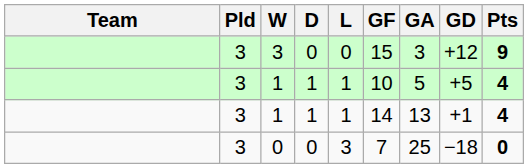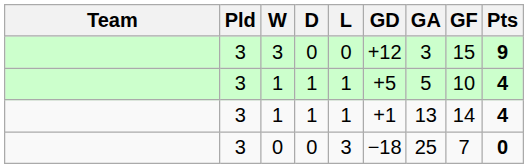 <table class="wikitable" style="text-align:center;">
 <tr>
 <th width=165>Team</th>
 <th width=20>Pld</th>
 <th width=20>W</th>
 <th width=20>D</th>
 <th width=20>L</th>
+<th width=20>GD</th>
+<th width=20>GA</th>
 <th width=20>GF</th>
-<th width=20>GA</th>
-<th width=20>GD</th>
 <th width=20>Pts</th>
 </tr>
 <tr style="background:#cfc;">
 <td style="text-align:left;"></td>
 <td>3</td>
 <td>3</td>
 <td>0</td>
 <td>0</td>
+<td>+12</td>
+<td>3</td>
 <td>15</td>
-<td>3</td>
-<td>+12</td>
 <td><strong>9</strong></td>
 </tr>
 <tr style="background:#cfc;">
 <td style="text-align:left;"></td>
 <td>3</td>
 <td>1</td>
 <td>1</td>
 <td>1</td>
+<td>+5</td>
+<td>5</td>
 <td>10</td>
-<td>5</td>
-<td>+5</td>
 <td><strong>4</strong></td>
 </tr>
 <tr>
 <td style="text-align:left;"></td>
 <td>3</td>
 <td>1</td>
 <td>1</td>
 <td>1</td>
+<td>+1</td>
+<td>13</td>
 <td>14</td>
-<td>13</td>
-<td>+1</td>
 <td><strong>4</strong></td>
 </tr>
 <tr>
 <td style="text-align:left;"></td>
 <td>3</td>
 <td>0</td>
 <td>0</td>
 <td>3</td>
+<td>−18</td>
+<td>25</td>
 <td>7</td>
-<td>25</td>
-<td>−18</td>
 <td><strong>0</strong></td>
 </tr>
 </table>
